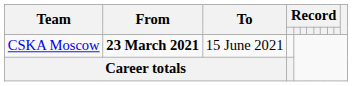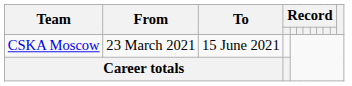 <table class="wikitable" style="text-align: center">
 <tr>
 <th rowspan="2">Team</th>
 <th rowspan="2">From</th>
 <th rowspan="2">To</th>
 <th colspan="8">Record</th>
 <th rowspan=2></th>
 </tr>
 <tr>
 <th></th>
 <th></th>
 <th></th>
 <th></th>
 <th></th>
 <th></th>
 <th></th>
 <th></th>
 </tr>
 <tr>
 <td><a href='#'>CSKA Moscow</a></td>
-<td><strong>23 March 2021</strong></td>
+<td>23 March 2021</td>
 <td>15 June 2021<br></td>
 <td></td>
 </tr>
 <tr>
 <th colspan=3>Career totals<br></th>
 <th></th>
 </tr>
 </table>
